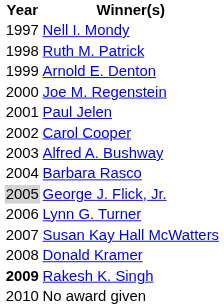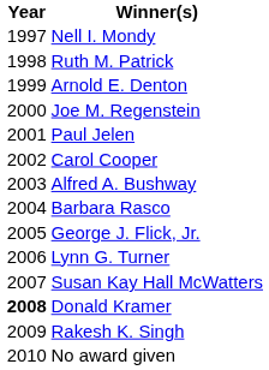 <table>
 <tr>
 <th>Year</th>
 <th>Winner(s)</th>
 </tr>
 <tr>
 <td>1997</td>
 <td><a href='#'>Nell I. Mondy</a></td>
 </tr>
 <tr>
 <td>1998</td>
 <td><a href='#'>Ruth M. Patrick</a></td>
 </tr>
 <tr>
 <td>1999</td>
 <td><a href='#'>Arnold E. Denton</a></td>
 </tr>
 <tr>
 <td>2000</td>
 <td><a href='#'>Joe M. Regenstein</a></td>
 </tr>
 <tr>
 <td>2001</td>
 <td><a href='#'>Paul Jelen</a></td>
 </tr>
 <tr>
 <td>2002</td>
 <td><a href='#'>Carol Cooper</a></td>
 </tr>
 <tr>
 <td>2003</td>
 <td><a href='#'>Alfred A. Bushway</a></td>
 </tr>
 <tr>
 <td>2004</td>
 <td><a href='#'>Barbara Rasco</a></td>
 </tr>
 <tr>
-<td style="background: lightgrey;">2005</td>
+<td>2005</td>
 <td><a href='#'>George J. Flick, Jr.</a></td>
 </tr>
 <tr>
 <td>2006</td>
 <td><a href='#'>Lynn G. Turner</a></td>
 </tr>
 <tr>
 <td>2007</td>
 <td><a href='#'>Susan Kay Hall McWatters</a></td>
 </tr>
 <tr>
-<td>2008</td>
+<td><strong>2008</strong></td>
 <td><a href='#'>Donald Kramer</a></td>
 </tr>
 <tr>
-<td><strong>2009</strong></td>
+<td>2009</td>
 <td><a href='#'>Rakesh K. Singh</a></td>
 </tr>
 <tr>
 <td>2010</td>
 <td>No award given</td>
 </tr>
 </table>
